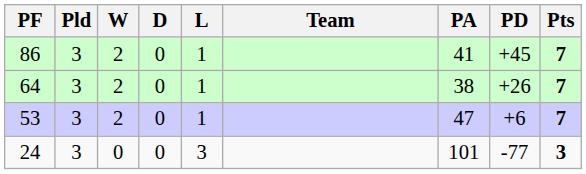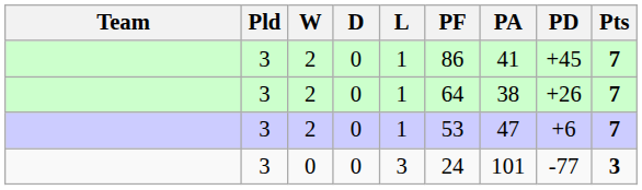 <table class="wikitable" style="text-align:center;">
 <tr>
-<th width=32 abbr="Points for">PF</th>
+<th width=160>Team</th>
 <th width=25 abbr="Played">Pld</th>
 <th width=25 abbr="Won">W</th>
 <th width=25 abbr="Drawn">D</th>
 <th width=25 abbr="Lost">L</th>
-<th width=160>Team</th>
+<th width=32 abbr="Points for">PF</th>
 <th width=32 abbr="Points against">PA</th>
 <th width=32 abbr="Points difference">PD</th>
 <th width=25 abbr="Points">Pts</th>
 </tr>
 <tr bgcolor=ccffcc>
-<td>86</td>
+<td align=left></td>
 <td>3</td>
 <td>2</td>
 <td>0</td>
 <td>1</td>
-<td align=left></td>
+<td>86</td>
 <td>41</td>
 <td>+45</td>
 <td><strong>7</strong></td>
 </tr>
 <tr bgcolor=ccffcc>
-<td>64</td>
+<td align=left></td>
 <td>3</td>
 <td>2</td>
 <td>0</td>
 <td>1</td>
-<td align=left></td>
+<td>64</td>
 <td>38</td>
 <td>+26</td>
 <td><strong>7</strong></td>
 </tr>
 <tr bgcolor=ccccff>
-<td>53</td>
+<td align=left></td>
 <td>3</td>
 <td>2</td>
 <td>0</td>
 <td>1</td>
-<td align=left></td>
+<td>53</td>
 <td>47</td>
 <td>+6</td>
 <td><strong>7</strong></td>
 </tr>
 <tr>
-<td>24</td>
+<td align=left></td>
 <td>3</td>
 <td>0</td>
 <td>0</td>
 <td>3</td>
-<td align=left></td>
+<td>24</td>
 <td>101</td>
 <td>-77</td>
 <td><strong>3</strong></td>
 </tr>
 </table>
